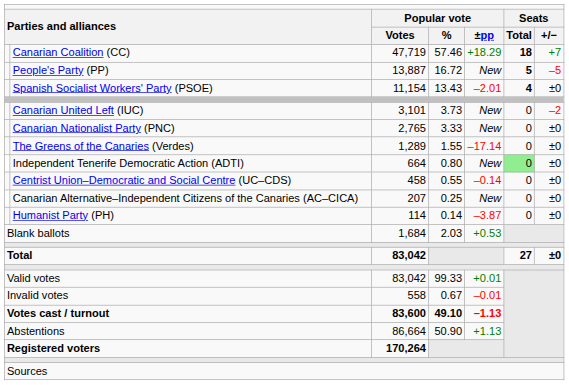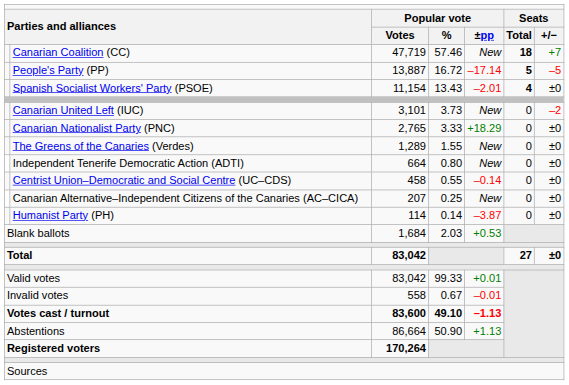 <table class="wikitable" style="text-align:right;">
 <tr>
 <td colspan="7"></td>
 </tr>
 <tr>
 <th style="text-align:left;" rowspan="2" colspan="2" width="525">Parties and alliances</th>
 <th colspan="3">Popular vote</th>
 <th colspan="2">Seats</th>
 </tr>
 <tr>
 <th width="75">Votes</th>
 <th width="45">%</th>
 <th width="45">±<a href='#'>pp</a></th>
 <th width="35">Total</th>
 <th width="35">+/−</th>
 </tr>
 <tr>
 <td width="1" style="color:inherit;background:"></td>
 <td align="left"><a href='#'>Canarian Coalition</a> (CC)</td>
 <td>47,719</td>
 <td>57.46</td>
-<td style="color:green;">+18.29</td>
+<td><em>New</em></td>
 <td><strong>18</strong></td>
 <td style="color:green;">+7</td>
 </tr>
 <tr>
 <td style="color:inherit;background:"></td>
 <td align="left"><a href='#'>People's Party</a> (PP)</td>
 <td>13,887</td>
 <td>16.72</td>
-<td><em>New</em></td>
+<td style="color:red;">–17.14</td>
 <td><strong>5</strong></td>
 <td style="color:red;">–5</td>
 </tr>
 <tr>
 <td style="color:inherit;background:"></td>
 <td align="left"><a href='#'>Spanish Socialist Workers' Party</a> (PSOE)</td>
 <td>11,154</td>
 <td>13.43</td>
 <td style="color:red;">–2.01</td>
 <td><strong>4</strong></td>
 <td>±0</td>
 </tr>
 <tr>
 <td colspan="7" style="color:inherit;background:#C0C0C0"></td>
 </tr>
 <tr>
 <td style="color:inherit;background:"></td>
 <td align="left"><a href='#'>Canarian United Left</a> (IUC)</td>
 <td>3,101</td>
 <td>3.73</td>
 <td><em>New</em></td>
 <td>0</td>
 <td style="color:red;">–2</td>
 </tr>
 <tr>
 <td style="color:inherit;background:"></td>
 <td align="left"><a href='#'>Canarian Nationalist Party</a> (PNC)</td>
 <td>2,765</td>
 <td>3.33</td>
-<td><em>New</em></td>
+<td style="color:green;">+18.29</td>
 <td>0</td>
 <td>±0</td>
 </tr>
 <tr>
 <td style="color:inherit;background:"></td>
 <td align="left"><a href='#'>The Greens of the Canaries</a> (Verdes)</td>
 <td>1,289</td>
 <td>1.55</td>
-<td style="color:red;">–17.14</td>
+<td><em>New</em></td>
 <td>0</td>
 <td>±0</td>
 </tr>
 <tr>
 <td bgcolor="white"></td>
 <td align="left">Independent Tenerife Democratic Action (ADTI)</td>
 <td>664</td>
 <td>0.80</td>
 <td><em>New</em></td>
-<td style="background: lightgreen;">0</td>
+<td>0</td>
 <td>±0</td>
 </tr>
 <tr>
 <td style="color:inherit;background:"></td>
 <td align="left"><a href='#'>Centrist Union–Democratic and Social Centre</a> (UC–CDS)</td>
 <td>458</td>
 <td>0.55</td>
 <td style="color:red;">–0.14</td>
 <td>0</td>
 <td>±0</td>
 </tr>
 <tr>
 <td bgcolor="white"></td>
 <td align="left">Canarian Alternative–Independent Citizens of the Canaries (AC–CICA)</td>
 <td>207</td>
 <td>0.25</td>
 <td><em>New</em></td>
 <td>0</td>
 <td>±0</td>
 </tr>
 <tr>
 <td style="color:inherit;background:"></td>
 <td align="left"><a href='#'>Humanist Party</a> (PH)</td>
 <td>114</td>
 <td>0.14</td>
 <td style="color:red;">–3.87</td>
 <td>0</td>
 <td>±0</td>
 </tr>
 <tr>
 <td align="left" colspan="2">Blank ballots</td>
 <td>1,684</td>
 <td>2.03</td>
 <td style="color:green;">+0.53</td>
 <td style="color:inherit;background:#E9E9E9" colspan="2"></td>
 </tr>
 <tr>
 <td colspan="7" style="color:inherit;background:#E9E9E9"></td>
 </tr>
 <tr style="font-weight:bold;">
 <td align="left" colspan="2">Total</td>
 <td>83,042</td>
 <td bgcolor="#E9E9E9" colspan="2"></td>
 <td>27</td>
 <td>±0</td>
 </tr>
 <tr>
 <td colspan="7" style="color:inherit;background:#E9E9E9"></td>
 </tr>
 <tr>
 <td align="left" colspan="2">Valid votes</td>
 <td>83,042</td>
 <td>99.33</td>
 <td style="color:green;">+0.01</td>
 <td bgcolor="#E9E9E9" colspan="2" rowspan="5"></td>
 </tr>
 <tr>
 <td align="left" colspan="2">Invalid votes</td>
 <td>558</td>
 <td>0.67</td>
 <td style="color:red;">–0.01</td>
 </tr>
 <tr style="font-weight:bold;">
 <td align="left" colspan="2">Votes cast / turnout</td>
 <td>83,600</td>
 <td>49.10</td>
 <td style="color:red;">–1.13</td>
 </tr>
 <tr>
 <td align="left" colspan="2">Abstentions</td>
 <td>86,664</td>
 <td>50.90</td>
 <td style="color:green;">+1.13</td>
 </tr>
 <tr style="font-weight:bold;">
 <td align="left" colspan="2">Registered voters</td>
 <td>170,264</td>
 <td bgcolor="#E9E9E9" colspan="2"></td>
 </tr>
 <tr>
 <td colspan="7" style="color:inherit;background:#E9E9E9"></td>
 </tr>
 <tr>
 <td align="left" colspan="7">Sources</td>
 </tr>
 </table>
